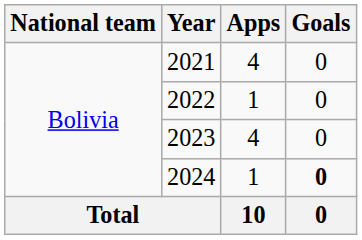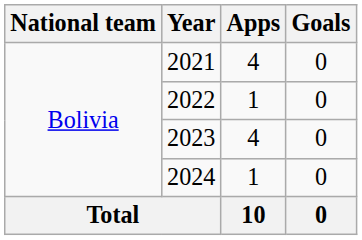 <table class="wikitable" style="text-align:center">
 <tr>
 <th>National team</th>
 <th>Year</th>
 <th>Apps</th>
 <th>Goals</th>
 </tr>
 <tr>
 <td rowspan="4"><a href='#'>Bolivia</a></td>
 <td>2021</td>
 <td>4</td>
 <td>0</td>
 </tr>
 <tr>
 <td>2022</td>
 <td>1</td>
 <td>0</td>
 </tr>
 <tr>
 <td>2023</td>
 <td>4</td>
 <td>0</td>
 </tr>
 <tr>
 <td>2024</td>
 <td>1</td>
-<td><strong>0</strong></td>
+<td>0</td>
 </tr>
 <tr>
 <th colspan="2">Total</th>
 <th>10</th>
 <th>0</th>
 </tr>
 </table>
